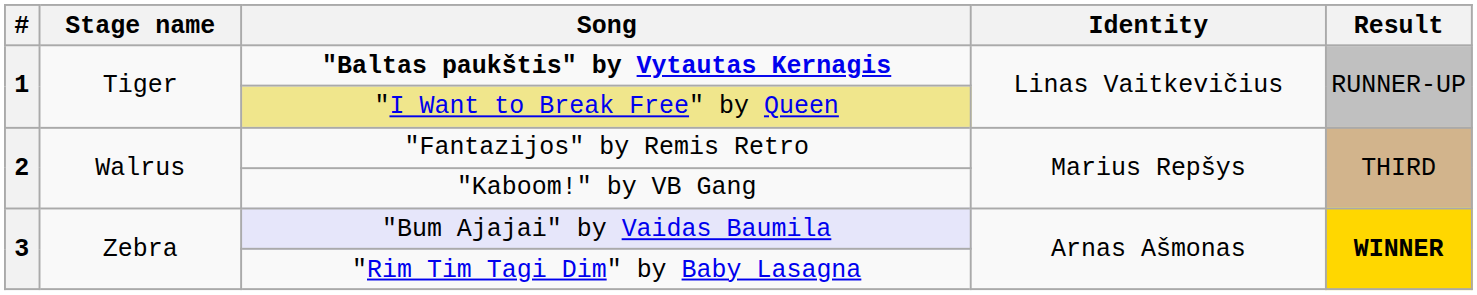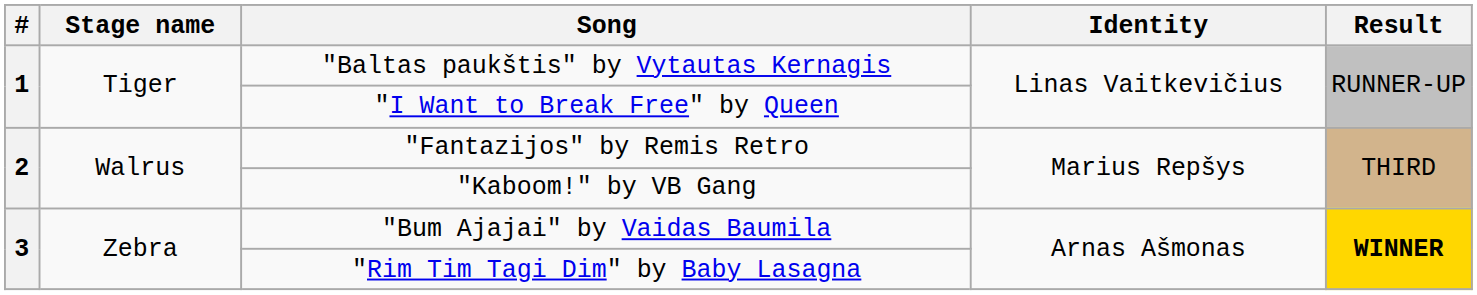 <table class="wikitable plainrowheaders" style="text-align: center;">
 <tr>
 <th>#</th>
 <th>Stage name</th>
 <th>Song</th>
 <th>Identity</th>
 <th>Result</th>
 </tr>
 <tr>
 <th rowspan="2">1</th>
 <td rowspan="2">Tiger</td>
-<td><strong>"Baltas paukštis" by <a href='#'>Vytautas Kernagis</a></strong></td>
+<td>"Baltas paukštis" by <a href='#'>Vytautas Kernagis</a></td>
 <td rowspan="2">Linas Vaitkevičius</td>
 <td rowspan="2" bgcolor=silver>RUNNER-UP</td>
 </tr>
 <tr>
-<td style="background: khaki;">"<a href='#'>I Want to Break Free</a>" by <a href='#'>Queen</a></td>
+<td>"<a href='#'>I Want to Break Free</a>" by <a href='#'>Queen</a></td>
 </tr>
 <tr>
 <th rowspan="2">2</th>
 <td rowspan="2">Walrus</td>
 <td>"Fantazijos" by Remis Retro</td>
 <td rowspan="2">Marius Repšys</td>
 <td rowspan="2" style="width:10%;background:tan;">THIRD</td>
 </tr>
 <tr>
 <td>"Kaboom!" by VB Gang</td>
 </tr>
 <tr>
 <th rowspan="2">3</th>
 <td rowspan="2">Zebra</td>
-<td style="background: lavender;">"Bum Ajajai" by <a href='#'>Vaidas Baumila</a></td>
+<td>"Bum Ajajai" by <a href='#'>Vaidas Baumila</a></td>
 <td rowspan="2">Arnas Ašmonas</td>
 <td rowspan="2" bgcolor=gold><strong>WINNER</strong></td>
 </tr>
 <tr>
 <td>"<a href='#'>Rim Tim Tagi Dim</a>" by <a href='#'>Baby Lasagna</a></td>
 </tr>
 </table>
